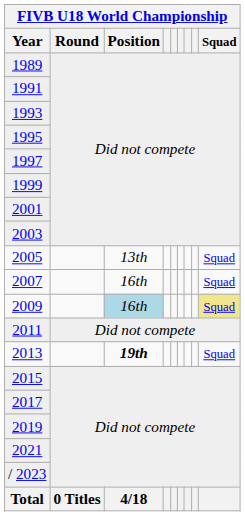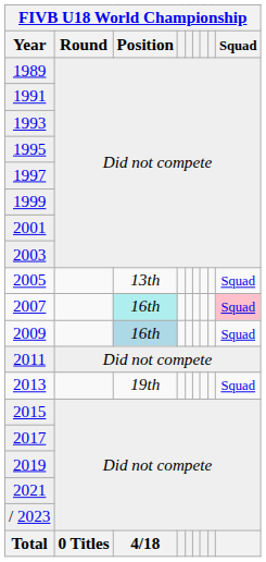 <table class="wikitable" style="text-align: center;">
 <tr>
 <th colspan=9><a href='#'>FIVB U18 World Championship</a></th>
 </tr>
 <tr>
 <th>Year</th>
 <th>Round</th>
 <th>Position</th>
 <th></th>
 <th></th>
 <th></th>
 <th></th>
 <th></th>
 <th><small>Squad</small></th>
 </tr>
 <tr bgcolor="efefef">
 <td> <a href='#'>1989</a></td>
 <td colspan="9" rowspan=8><em>Did not compete</em></td>
 </tr>
 <tr bgcolor="efefef">
 <td> <a href='#'>1991</a></td>
 </tr>
 <tr bgcolor="efefef">
 <td> <a href='#'>1993</a></td>
 </tr>
 <tr bgcolor="efefef">
 <td> <a href='#'>1995</a></td>
 </tr>
 <tr bgcolor="efefef">
 <td> <a href='#'>1997</a></td>
 </tr>
 <tr bgcolor="efefef">
 <td> <a href='#'>1999</a></td>
 </tr>
 <tr bgcolor="efefef">
 <td> <a href='#'>2001</a></td>
 </tr>
 <tr bgcolor="efefef">
 <td> <a href='#'>2003</a></td>
 </tr>
 <tr bgcolor=>
 <td> <a href='#'>2005</a></td>
 <td></td>
 <td><em>13th</em></td>
 <td></td>
 <td></td>
 <td></td>
 <td></td>
 <td></td>
 <td><small><a href='#'>Squad</a></small></td>
 </tr>
 <tr>
 <td> <a href='#'>2007</a></td>
 <td></td>
-<td><em>16th</em></td>
+<td style="background: paleturquoise;"><em>16th</em></td>
 <td></td>
 <td></td>
 <td></td>
 <td></td>
 <td></td>
-<td><small> <a href='#'>Squad</a></small></td>
+<td style="background: pink;"><small> <a href='#'>Squad</a></small></td>
 </tr>
 <tr>
 <td> <a href='#'>2009</a></td>
 <td></td>
 <td style="background: lightblue;"><em>16th</em></td>
 <td></td>
 <td></td>
 <td></td>
 <td></td>
 <td></td>
-<td style="background: khaki;"><small><a href='#'>Squad</a></small></td>
+<td><small><a href='#'>Squad</a></small></td>
 </tr>
 <tr bgcolor="efefef">
 <td> <a href='#'>2011</a></td>
 <td colspan=9 rowspan=1><em>Did not compete</em></td>
 </tr>
 <tr bgcolor=>
 <td> <a href='#'>2013</a></td>
 <td></td>
-<td><strong><em>19th</em></strong></td>
+<td><em>19th</em></td>
 <td></td>
 <td></td>
 <td></td>
 <td></td>
 <td></td>
 <td><small> <a href='#'>Squad</a></small></td>
 </tr>
 <tr bgcolor="efefef">
 <td> <a href='#'>2015</a></td>
 <td colspan="9" rowspan=5><em>Did not compete</em></td>
 </tr>
 <tr bgcolor="efefef">
 <td> <a href='#'>2017</a></td>
 </tr>
 <tr bgcolor="efefef">
 <td> <a href='#'>2019</a></td>
 </tr>
 <tr bgcolor="efefef">
 <td> <a href='#'>2021</a></td>
 </tr>
 <tr bgcolor="efefef">
 <td>/ <a href='#'>2023</a></td>
 </tr>
 <tr>
 <th>Total</th>
 <th>0 Titles</th>
 <th>4/18</th>
 <th></th>
 <th></th>
 <th></th>
 <th></th>
 <th></th>
 <th></th>
 </tr>
 </table>
